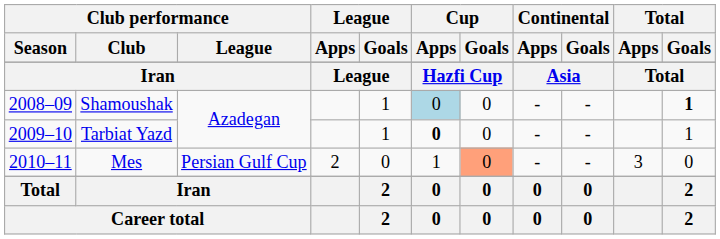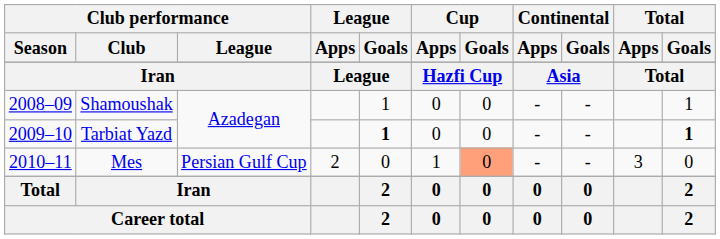 <table class="wikitable" style="text-align:center">
 <tr>
 <th colspan=3>Club performance</th>
 <th colspan=2>League</th>
 <th colspan=2>Cup</th>
 <th colspan=2>Continental</th>
 <th colspan=2>Total</th>
 </tr>
 <tr>
 <th>Season</th>
 <th>Club</th>
 <th>League</th>
 <th>Apps</th>
 <th>Goals</th>
 <th>Apps</th>
 <th>Goals</th>
 <th>Apps</th>
 <th>Goals</th>
 <th>Apps</th>
 <th>Goals</th>
 </tr>
 <tr>
 </tr>
 <tr>
 <th colspan=3>Iran</th>
 <th colspan=2>League</th>
 <th colspan=2><a href='#'>Hazfi Cup</a></th>
 <th colspan=2><a href='#'>Asia</a></th>
 <th colspan=2>Total</th>
 </tr>
 <tr>
 <td><a href='#'>2008–09</a></td>
 <td rowspan="1"><a href='#'>Shamoushak</a></td>
 <td rowspan="2"><a href='#'>Azadegan</a></td>
 <td></td>
 <td>1</td>
-<td style="background: lightblue;">0</td>
+<td>0</td>
+<td>0</td>
+<td>-</td>
+<td>-</td>
+<td></td>
+<td>1</td>
+</tr>
+<tr>
+<td><a href='#'>2009–10</a></td>
+<td rowspan="1"><a href='#'>Tarbiat Yazd</a></td>
+<td></td>
+<td><strong>1</strong></td>
+<td>0</td>
 <td>0</td>
 <td>-</td>
 <td>-</td>
 <td></td>
 <td><strong>1</strong></td>
-</tr>
-<tr>
-<td><a href='#'>2009–10</a></td>
-<td rowspan="1"><a href='#'>Tarbiat Yazd</a></td>
-<td></td>
-<td>1</td>
-<td><strong>0</strong></td>
-<td>0</td>
-<td>-</td>
-<td>-</td>
-<td></td>
-<td>1</td>
 </tr>
 <tr>
 <td><a href='#'>2010–11</a></td>
 <td rowspan="1"><a href='#'>Mes</a></td>
 <td rowspan="1"><a href='#'>Persian Gulf Cup</a></td>
 <td>2</td>
 <td>0</td>
 <td>1</td>
 <td style="background: lightsalmon;">0</td>
 <td>-</td>
 <td>-</td>
 <td>3</td>
 <td>0</td>
 </tr>
 <tr>
 </tr>
 <tr>
 <th rowspan=1>Total</th>
 <th colspan=2>Iran</th>
 <th></th>
 <th>2</th>
 <th>0</th>
 <th>0</th>
 <th>0</th>
 <th>0</th>
 <th></th>
 <th>2</th>
 </tr>
 <tr>
 <th colspan=3>Career total</th>
 <th></th>
 <th>2</th>
 <th>0</th>
 <th>0</th>
 <th>0</th>
 <th>0</th>
 <th></th>
 <th>2</th>
 </tr>
 </table>
